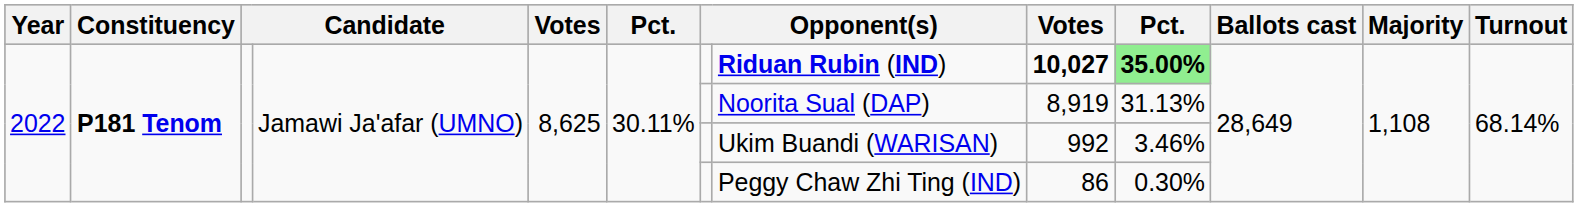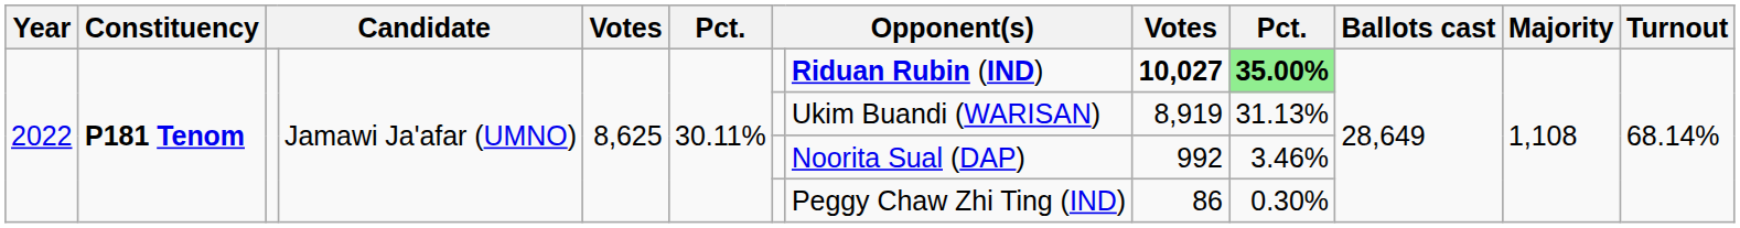 <table class="wikitable" style="margin:0.5em ; font-size:95%">
 <tr>
 <th>Year</th>
 <th>Constituency</th>
 <th colspan=2>Candidate</th>
 <th>Votes</th>
 <th>Pct.</th>
 <th colspan=2>Opponent(s)</th>
 <th>Votes</th>
 <th>Pct.</th>
 <th>Ballots cast</th>
 <th>Majority</th>
 <th>Turnout</th>
 </tr>
 <tr>
 <td rowspan="4"><a href='#'>2022</a></td>
 <td rowspan="4"><strong>P181 <a href='#'>Tenom</a></strong></td>
 <td rowspan="4" ></td>
 <td rowspan="4">Jamawi Ja'afar (<a href='#'>UMNO</a>)</td>
 <td rowspan="4" align=right>8,625</td>
 <td rowspan="4">30.11%</td>
 <td></td>
 <td><strong><a href='#'>Riduan Rubin</a></strong> (<a href='#'><strong>IND</strong></a>)</td>
 <td align=right><strong>10,027</strong></td>
 <td style="background: lightgreen;"><strong>35.00%</strong></td>
 <td rowspan="4">28,649</td>
 <td rowspan="4">1,108</td>
 <td rowspan="4">68.14%</td>
 </tr>
 <tr>
 <td></td>
-<td><a href='#'>Noorita Sual</a> (<a href='#'>DAP</a>)</td>
+<td>Ukim Buandi (<a href='#'>WARISAN</a>)</td>
 <td align=right>8,919</td>
 <td>31.13%</td>
 </tr>
 <tr>
 <td></td>
-<td>Ukim Buandi (<a href='#'>WARISAN</a>)</td>
+<td><a href='#'>Noorita Sual</a> (<a href='#'>DAP</a>)</td>
 <td align=right>992</td>
 <td align=right>3.46%</td>
 </tr>
 <tr>
 <td></td>
 <td>Peggy Chaw Zhi Ting (<a href='#'>IND</a>)</td>
 <td align=right>86</td>
 <td align=right>0.30%</td>
 </tr>
 </table>
